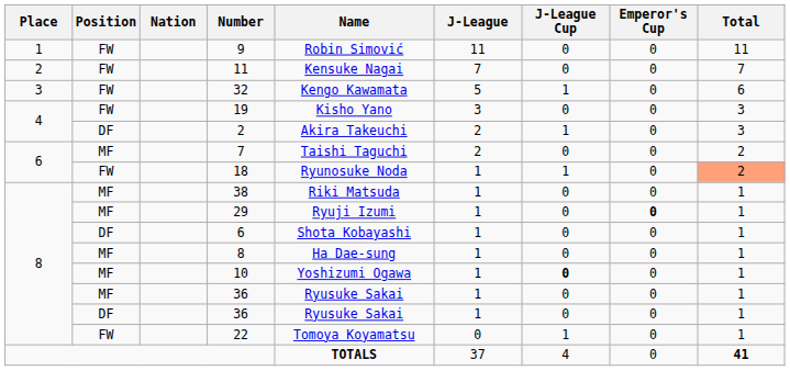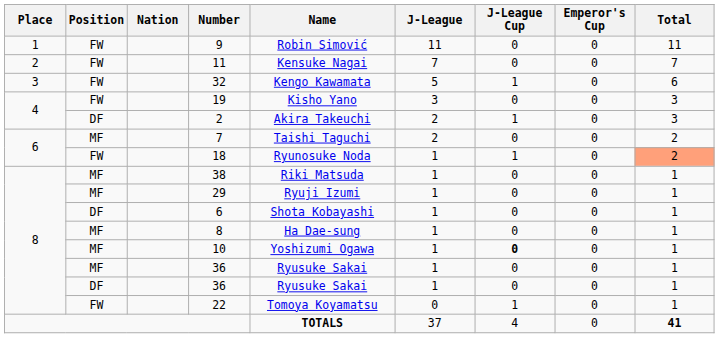 <table class="wikitable" style="font-size: 95%; text-align: center;">
 <tr>
 <th width=60>Place</th>
 <th width=60>Position</th>
 <th width=60>Nation</th>
 <th width=60>Number</th>
 <th width=150>Name</th>
 <th width=80>J-League</th>
 <th width=80>J-League Cup</th>
 <th width=80>Emperor's Cup</th>
 <th width=80><strong>Total</strong></th>
 </tr>
 <tr>
 <td>1</td>
 <td>FW</td>
 <td></td>
 <td>9</td>
 <td><a href='#'>Robin Simović</a></td>
 <td>11</td>
 <td>0</td>
 <td>0</td>
 <td>11</td>
 </tr>
 <tr>
 <td>2</td>
 <td>FW</td>
 <td></td>
 <td>11</td>
 <td><a href='#'>Kensuke Nagai</a></td>
 <td>7</td>
 <td>0</td>
 <td>0</td>
 <td>7</td>
 </tr>
 <tr>
 <td>3</td>
 <td>FW</td>
 <td></td>
 <td>32</td>
 <td><a href='#'>Kengo Kawamata</a></td>
 <td>5</td>
 <td>1</td>
 <td>0</td>
 <td>6</td>
 </tr>
 <tr>
 <td rowspan="2">4</td>
 <td>FW</td>
 <td></td>
 <td>19</td>
 <td><a href='#'>Kisho Yano</a></td>
 <td>3</td>
 <td>0</td>
 <td>0</td>
 <td>3</td>
 </tr>
 <tr>
 <td>DF</td>
 <td></td>
 <td>2</td>
 <td><a href='#'>Akira Takeuchi</a></td>
 <td>2</td>
 <td>1</td>
 <td>0</td>
 <td>3</td>
 </tr>
 <tr>
 <td rowspan="2">6</td>
 <td>MF</td>
 <td></td>
 <td>7</td>
 <td><a href='#'>Taishi Taguchi</a></td>
 <td>2</td>
 <td>0</td>
 <td>0</td>
 <td>2</td>
 </tr>
 <tr>
 <td>FW</td>
 <td></td>
 <td>18</td>
 <td><a href='#'>Ryunosuke Noda</a></td>
 <td>1</td>
 <td>1</td>
 <td>0</td>
 <td style="background: lightsalmon;">2</td>
 </tr>
 <tr>
 <td rowspan="8">8</td>
 <td>MF</td>
 <td></td>
 <td>38</td>
 <td><a href='#'>Riki Matsuda</a></td>
 <td>1</td>
 <td>0</td>
 <td>0</td>
 <td>1</td>
 </tr>
 <tr>
 <td>MF</td>
 <td></td>
 <td>29</td>
 <td><a href='#'>Ryuji Izumi</a></td>
 <td>1</td>
 <td>0</td>
-<td><strong>0</strong></td>
+<td>0</td>
 <td>1</td>
 </tr>
 <tr>
 <td>DF</td>
 <td></td>
 <td>6</td>
 <td><a href='#'>Shota Kobayashi</a></td>
 <td>1</td>
 <td>0</td>
 <td>0</td>
 <td>1</td>
 </tr>
 <tr>
 <td>MF</td>
 <td></td>
 <td>8</td>
 <td><a href='#'>Ha Dae-sung</a></td>
 <td>1</td>
 <td>0</td>
 <td>0</td>
 <td>1</td>
 </tr>
 <tr>
 <td>MF</td>
 <td></td>
 <td>10</td>
 <td><a href='#'>Yoshizumi Ogawa</a></td>
 <td>1</td>
 <td><strong>0</strong></td>
 <td>0</td>
 <td>1</td>
 </tr>
 <tr>
 <td>MF</td>
 <td></td>
 <td>36</td>
 <td><a href='#'>Ryusuke Sakai</a></td>
 <td>1</td>
 <td>0</td>
 <td>0</td>
 <td>1</td>
 </tr>
 <tr>
 <td>DF</td>
 <td></td>
 <td>36</td>
 <td><a href='#'>Ryusuke Sakai</a></td>
 <td>1</td>
 <td>0</td>
 <td>0</td>
 <td>1</td>
 </tr>
 <tr>
 <td>FW</td>
 <td></td>
 <td>22</td>
 <td><a href='#'>Tomoya Koyamatsu</a></td>
 <td>0</td>
 <td>1</td>
 <td>0</td>
 <td>1</td>
 </tr>
 <tr>
 <td colspan="4"></td>
 <td><strong>TOTALS</strong></td>
 <td>37</td>
 <td>4</td>
 <td>0</td>
 <td><strong>41</strong></td>
 </tr>
 </table>
